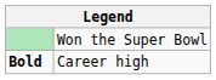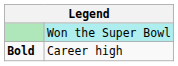 <table class="wikitable mw-collapsible mw-collapsed">
 <tr>
 <th colspan="2">Legend</th>
 </tr>
 <tr>
 <td style="background:#afe6ba; width:3em;"></td>
-<td>Won the Super Bowl</td>
+<td style="background: paleturquoise;">Won the Super Bowl</td>
 </tr>
 <tr>
 <td><strong>Bold</strong></td>
 <td>Career high</td>
 </tr>
 </table>
